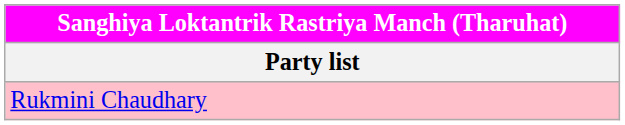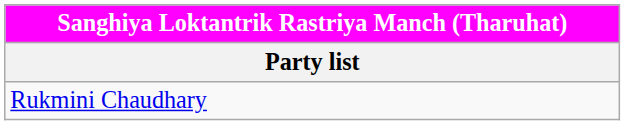 <table class="wikitable mw-collapsible mw-collapsed" role="presentation">
 <tr>
 <th style="width: 300pt; background:#ff00ff; color: white;">Sanghiya Loktantrik Rastriya Manch (Tharuhat)</th>
 </tr>
 <tr>
 <th>Party list</th>
 </tr>
 <tr>
-<td style="background: pink;"><a href='#'>Rukmini Chaudhary</a></td>
+<td><a href='#'>Rukmini Chaudhary</a></td>
 </tr>
 </table>
